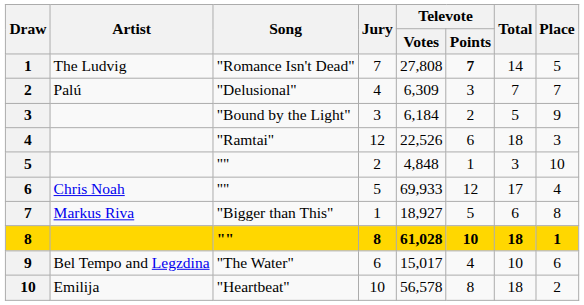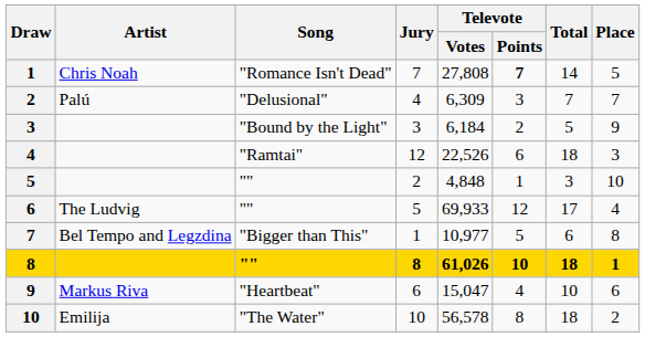 <table class="sortable wikitable plainrowheaders" style="margin: 1em auto 1em auto; text-align:center">
 <tr>
 <th rowspan="2">Draw</th>
 <th rowspan="2">Artist</th>
 <th rowspan="2">Song</th>
 <th rowspan="2">Jury</th>
 <th colspan="2">Televote</th>
 <th rowspan="2">Total</th>
 <th rowspan="2">Place</th>
 </tr>
 <tr>
 <th>Votes</th>
 <th>Points</th>
 </tr>
 <tr>
 <th scope="row" style="text-align:center; ">1</th>
-<td align="left">The Ludvig</td>
+<td align="left"><a href='#'>Chris Noah</a></td>
 <td align="left">"Romance Isn't Dead"</td>
 <td>7</td>
 <td>27,808</td>
 <td><strong>7</strong></td>
 <td>14</td>
 <td>5</td>
 </tr>
 <tr>
 <th scope="row" style="text-align:center; ">2</th>
 <td align="left">Palú</td>
 <td align="left">"Delusional"</td>
 <td>4</td>
 <td>6,309</td>
 <td>3</td>
 <td>7</td>
 <td>7</td>
 </tr>
 <tr>
 <th scope="row" style="text-align:center; ">3</th>
 <td align="left"></td>
 <td align="left">"Bound by the Light"</td>
 <td>3</td>
 <td>6,184</td>
 <td>2</td>
 <td>5</td>
 <td>9</td>
 </tr>
 <tr>
 <th scope="row" style="text-align:center; ">4</th>
 <td align="left"></td>
 <td align="left">"Ramtai"</td>
 <td>12</td>
 <td>22,526</td>
 <td>6</td>
 <td>18</td>
 <td>3</td>
 </tr>
 <tr>
 <th scope="row" style="text-align:center; ">5</th>
 <td align="left"></td>
 <td align="left">"<em></em>"</td>
 <td>2</td>
 <td>4,848</td>
 <td>1</td>
 <td>3</td>
 <td>10</td>
 </tr>
 <tr>
 <th scope="row" style="text-align:center; ">6</th>
-<td align="left"><a href='#'>Chris Noah</a></td>
+<td align="left">The Ludvig</td>
 <td align="left">"<em></em>"</td>
 <td>5</td>
 <td>69,933</td>
 <td>12</td>
 <td>17</td>
 <td>4</td>
 </tr>
 <tr>
 <th scope="row" style="text-align:center; ">7</th>
-<td align="left"><a href='#'>Markus Riva</a></td>
+<td align="left">Bel Tempo and <a href='#'>Legzdina</a></td>
 <td align="left">"Bigger than This"</td>
 <td>1</td>
-<td>18,927</td>
+<td>10,977</td>
 <td>5</td>
 <td>6</td>
 <td>8</td>
 </tr>
 <tr style="font-weight: bold; background: gold;">
 <th scope="row" style="text-align:center; font-weight:bold; background:gold">8</th>
 <td align="left"></td>
 <td align="left">""</td>
 <td>8</td>
-<td>61,028</td>
+<td>61,026</td>
 <td>10</td>
 <td>18</td>
 <td>1</td>
 </tr>
 <tr>
 <th scope="row" style="text-align:center; ">9</th>
-<td align="left">Bel Tempo and <a href='#'>Legzdina</a></td>
-<td align="left">"The Water"</td>
+<td align="left"><a href='#'>Markus Riva</a></td>
+<td align="left">"Heartbeat"</td>
 <td>6</td>
-<td>15,017</td>
+<td>15,047</td>
 <td>4</td>
 <td>10</td>
 <td>6</td>
 </tr>
 <tr>
 <th scope="row" style="text-align:center; ">10</th>
 <td align="left">Emilija</td>
-<td align="left">"Heartbeat"</td>
+<td align="left">"The Water"</td>
 <td>10</td>
 <td>56,578</td>
 <td>8</td>
 <td>18</td>
 <td>2</td>
 </tr>
 </table>
